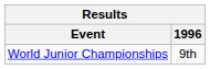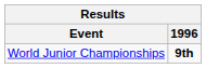 <table class="wikitable" style="text-align:center">
 <tr>
 <th colspan=2 align=center><strong>Results</strong></th>
 </tr>
 <tr>
 <th>Event</th>
 <th>1996</th>
 </tr>
 <tr>
 <td align=left><a href='#'>World Junior Championships</a></td>
-<td>9th</td>
+<td><strong>9th</strong></td>
 </tr>
 </table>
